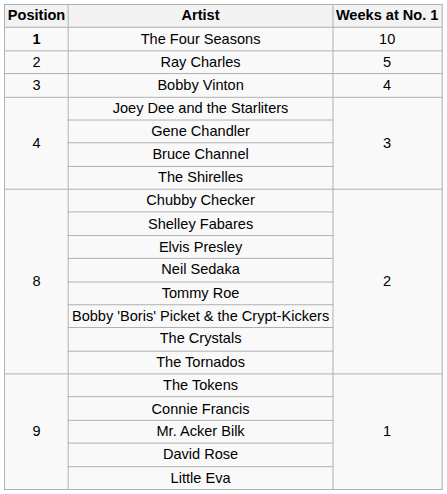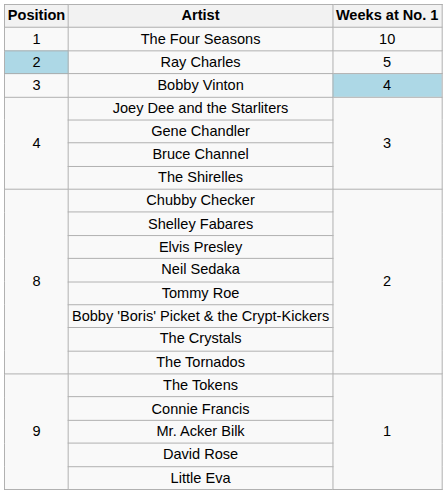 <table class="wikitable plainrowheaders" style="text-align:center;">
 <tr>
 <th>Position</th>
 <th>Artist</th>
 <th>Weeks at No. 1</th>
 </tr>
 <tr>
-<td><strong>1</strong></td>
+<td>1</td>
 <td>The Four Seasons</td>
 <td>10</td>
 </tr>
 <tr>
-<td>2</td>
+<td style="background: lightblue;">2</td>
 <td>Ray Charles</td>
 <td>5</td>
 </tr>
 <tr>
 <td>3</td>
 <td>Bobby Vinton</td>
-<td>4</td>
+<td style="background: lightblue;">4</td>
 </tr>
 <tr>
 <td rowspan=4>4</td>
 <td>Joey Dee and the Starliters</td>
 <td rowspan=4>3</td>
 </tr>
 <tr>
 <td>Gene Chandler</td>
 </tr>
 <tr>
 <td>Bruce Channel</td>
 </tr>
 <tr>
 <td>The Shirelles</td>
 </tr>
 <tr>
 <td rowspan=8>8</td>
 <td>Chubby Checker</td>
 <td rowspan=8>2</td>
 </tr>
 <tr>
 <td>Shelley Fabares</td>
 </tr>
 <tr>
 <td>Elvis Presley</td>
 </tr>
 <tr>
 <td>Neil Sedaka</td>
 </tr>
 <tr>
 <td>Tommy Roe</td>
 </tr>
 <tr>
 <td>Bobby 'Boris' Picket & the Crypt-Kickers</td>
 </tr>
 <tr>
 <td>The Crystals</td>
 </tr>
 <tr>
 <td>The Tornados</td>
 </tr>
 <tr>
 <td rowspan=5>9</td>
 <td>The Tokens</td>
 <td rowspan=5>1</td>
 </tr>
 <tr>
 <td>Connie Francis</td>
 </tr>
 <tr>
 <td>Mr. Acker Bilk</td>
 </tr>
 <tr>
 <td>David Rose</td>
 </tr>
 <tr>
 <td>Little Eva</td>
 </tr>
 </table>
